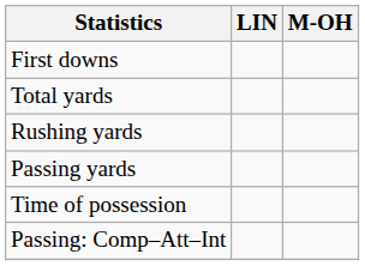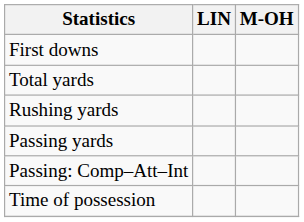 <table class="wikitable" style="float: left;">
 <tr>
 <th>Statistics</th>
 <th>LIN</th>
 <th>M-OH</th>
 </tr>
 <tr>
 <td>First downs</td>
 <td></td>
 <td></td>
 </tr>
 <tr>
 <td>Total yards</td>
 <td></td>
 <td></td>
 </tr>
 <tr>
 <td>Rushing yards</td>
 <td></td>
 <td></td>
 </tr>
 <tr>
 <td>Passing yards</td>
 <td></td>
 <td></td>
 </tr>
 <tr>
-<td>Time of possession</td>
+<td>Passing: Comp–Att–Int</td>
 <td></td>
 <td></td>
 </tr>
 <tr>
-<td>Passing: Comp–Att–Int</td>
+<td>Time of possession</td>
 <td></td>
 <td></td>
 </tr>
 <tr>
 </tr>
 </table>
